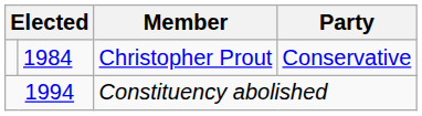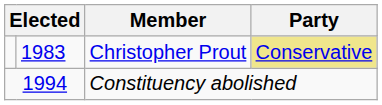 <table class="wikitable">
 <tr>
 <th colspan = "2">Elected</th>
 <th>Member</th>
 <th>Party</th>
 </tr>
 <tr>
 <td style="background-color: "></td>
-<td><a href='#'>1984</a></td>
+<td><a href='#'>1983</a></td>
 <td><a href='#'>Christopher Prout</a></td>
-<td><a href='#'>Conservative</a></td>
+<td style="background: khaki;"><a href='#'>Conservative</a></td>
 </tr>
 <tr>
 <td colspan="2" align="center"><a href='#'>1994</a></td>
 <td colspan="2"><em>Constituency abolished</em></td>
 </tr>
 </table>
